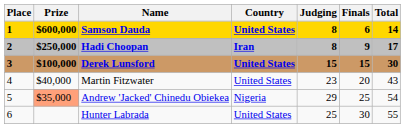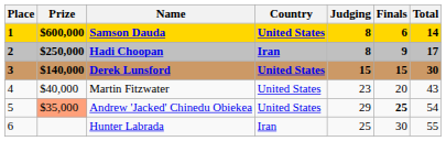 <table class="wikitable">
 <tr>
 <th>Place</th>
 <th>Prize</th>
 <th>Name</th>
 <th>Country</th>
 <th>Judging</th>
 <th>Finals</th>
 <th>Total</th>
 </tr>
 <tr style="font-weight: bold; background: gold;">
 <td>1</td>
 <td>$600,000</td>
 <td><a href='#'>Samson Dauda</a></td>
 <td> <a href='#'>United States</a></td>
 <td style="text-align:right">8</td>
 <td style="text-align:right">6</td>
 <td style="text-align:right">14</td>
 </tr>
 <tr style="font-weight: bold; background: silver;">
 <td>2</td>
 <td>$250,000</td>
 <td><a href='#'>Hadi Choopan</a></td>
 <td> <a href='#'>Iran</a></td>
 <td style="text-align:right">8</td>
 <td style="text-align:right">9</td>
 <td style="text-align:right">17</td>
 </tr>
 <tr style="font-weight: bold; background-color:#C96;">
 <td>3</td>
-<td>$100,000</td>
+<td>$140,000</td>
 <td><a href='#'>Derek Lunsford</a></td>
 <td> <a href='#'>United States</a></td>
 <td style="text-align:right">15</td>
 <td style="text-align:right">15</td>
 <td style="text-align:right">30</td>
 </tr>
 <tr>
 <td>4</td>
 <td>$40,000</td>
 <td>Martin Fitzwater</td>
 <td> <a href='#'>United States</a></td>
 <td style="text-align:right">23</td>
 <td style="text-align:right">20</td>
 <td style="text-align:right">43</td>
 </tr>
 <tr>
 <td>5</td>
 <td style="background: lightsalmon;">$35,000</td>
 <td><a href='#'>Andrew 'Jacked' Chinedu Obiekea</a></td>
-<td> <a href='#'>Nigeria</a></td>
+<td> <a href='#'>United States</a></td>
 <td style="text-align:right">29</td>
-<td style="text-align:right">25</td>
+<td style="text-align:right"><strong>25</strong></td>
 <td style="text-align:right">54</td>
 </tr>
 <tr>
 <td>6</td>
 <td></td>
 <td><a href='#'>Hunter Labrada</a></td>
-<td> <a href='#'>United States</a></td>
+<td> <a href='#'>Iran</a></td>
 <td style="text-align:right">25</td>
 <td style="text-align:right">30</td>
 <td style="text-align:right">55</td>
 </tr>
 </table>
